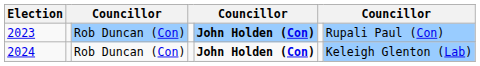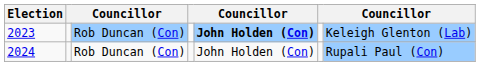 <table class="wikitable">
 <tr>
 <th>Election</th>
 <th colspan="2">Councillor</th>
 <th colspan="2">Councillor</th>
 <th colspan="2">Councillor</th>
 </tr>
 <tr>
 <td><a href='#'>2023</a></td>
 <td style="background-color: "></td>
 <td bgcolor="#99CCFF">Rob Duncan  (<a href='#'>Con</a>)</td>
 <td style="background-color: "></td>
 <td bgcolor="#99CCFF"><strong>John Holden (<a href='#'>Con</a>)</strong></td>
 <td style="background-color: "></td>
-<td bgcolor="#99CCFF">Rupali Paul (<a href='#'>Con</a>)</td>
+<td bgcolor="#99CCFF">Keleigh Glenton (<a href='#'>Lab</a>)</td>
 </tr>
 <tr>
 <td><a href='#'>2024</a></td>
 <td style="background-color: "></td>
 <td bgcolor=>Rob Duncan  (<a href='#'>Con</a>)</td>
 <td style="background-color: "></td>
-<td bgcolor=><strong>John Holden (<a href='#'>Con</a>)</strong></td>
+<td bgcolor=>John Holden (<a href='#'>Con</a>)</td>
 <td style="background-color: "></td>
-<td bgcolor="#99CCFF">Keleigh Glenton (<a href='#'>Lab</a>)</td>
+<td bgcolor="#99CCFF">Rupali Paul (<a href='#'>Con</a>)</td>
 </tr>
 </table>
